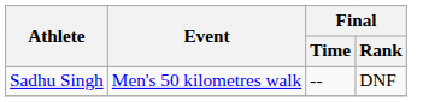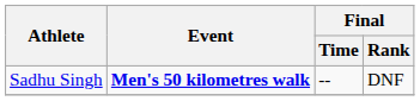 <table class="wikitable"  style="font-size:90%">
 <tr>
 <th rowspan="2">Athlete</th>
 <th rowspan="2">Event</th>
 <th colspan="2">Final</th>
 </tr>
 <tr>
 <th>Time</th>
 <th>Rank</th>
 </tr>
 <tr>
 <td><a href='#'>Sadhu Singh</a></td>
-<td><a href='#'>Men's 50 kilometres walk</a></td>
+<td><strong><a href='#'>Men's 50 kilometres walk</a></strong></td>
 <td>--</td>
 <td>DNF</td>
 </tr>
 <tr>
 </tr>
 </table>
